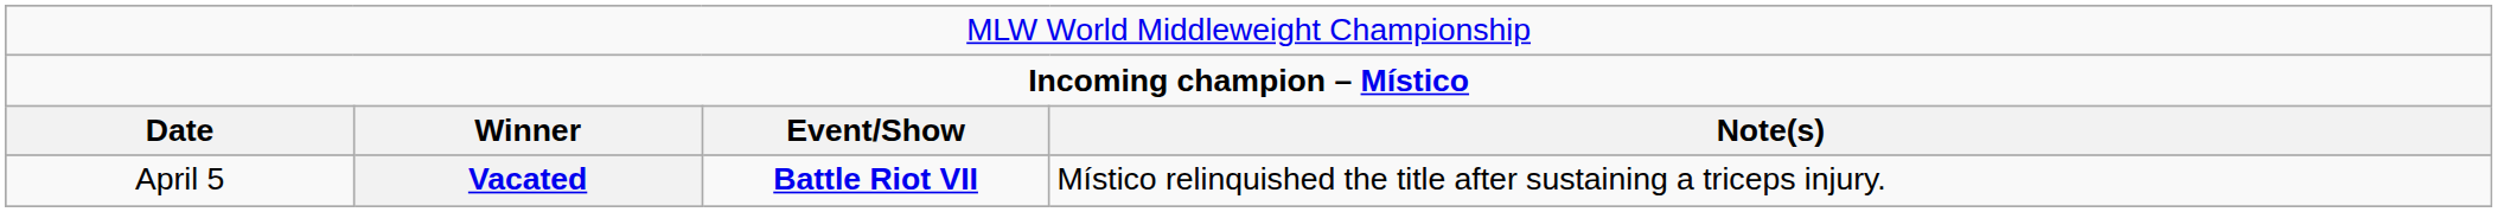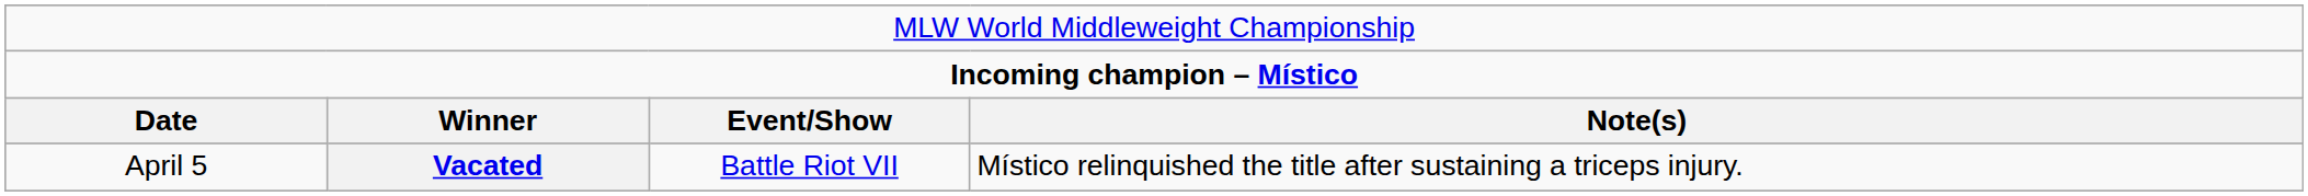 <table class="wikitable" style="text-align:center; width:100%;">
 <tr>
 <td colspan="4" style="text-align: center;"><a href='#'>MLW World Middleweight Championship</a></td>
 </tr>
 <tr>
 <td colspan="4" style="text-align: center;"><strong>Incoming champion – <a href='#'>Místico</a></strong></td>
 </tr>
 <tr>
 <th width=14%>Date</th>
 <th width=14%>Winner</th>
 <th width=14%>Event/Show</th>
 <th width=58%>Note(s)</th>
 </tr>
 <tr>
 <td>April 5</td>
 <th><a href='#'>Vacated</a></th>
-<td><strong><a href='#'>Battle Riot VII</a></strong></td>
+<td><a href='#'>Battle Riot VII</a></td>
 <td align=left>Místico relinquished the title after sustaining a triceps injury.</td>
 </tr>
 </table>
